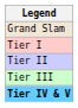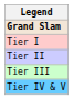 <table class=wikitable style=font-size:90%>
 <tr>
 <th colspan=2>Legend</th>
 </tr>
 <tr style="background:#f3e6d7;">
-<td>Grand Slam</td>
+<td><strong>Grand Slam</strong></td>
 </tr>
 <tr style="background:#fcc;">
 <td>Tier I</td>
 </tr>
 <tr style="background:#ccf;">
 <td>Tier II</td>
 </tr>
 <tr style="background:#cfc;">
 <td>Tier III</td>
 </tr>
 <tr style="background:#6cf;">
-<td><strong>Tier IV & V</strong></td>
+<td>Tier IV & V</td>
 </tr>
 </table>
